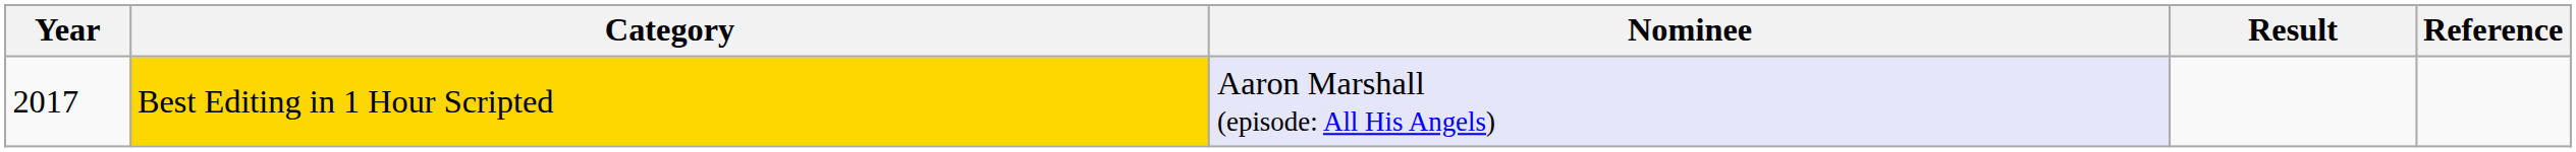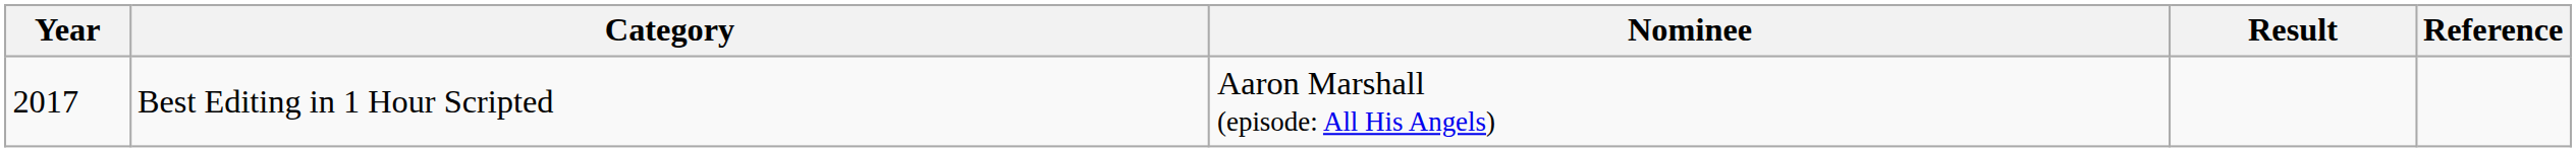 <table class="wikitable">
 <tr>
 <th width=5%>Year</th>
 <th width=45%>Category</th>
 <th width=40%>Nominee</th>
 <th width=10%>Result</th>
 <th width=5%>Reference</th>
 </tr>
 <tr>
 <td>2017</td>
-<td style="background: gold;">Best Editing in 1 Hour Scripted</td>
-<td style="background: lavender;">Aaron Marshall<br><small>(episode: <a href='#'>All His Angels</a>)</small></td>
+<td>Best Editing in 1 Hour Scripted</td>
+<td>Aaron Marshall<br><small>(episode: <a href='#'>All His Angels</a>)</small></td>
 <td></td>
 <td></td>
 </tr>
 </table>
